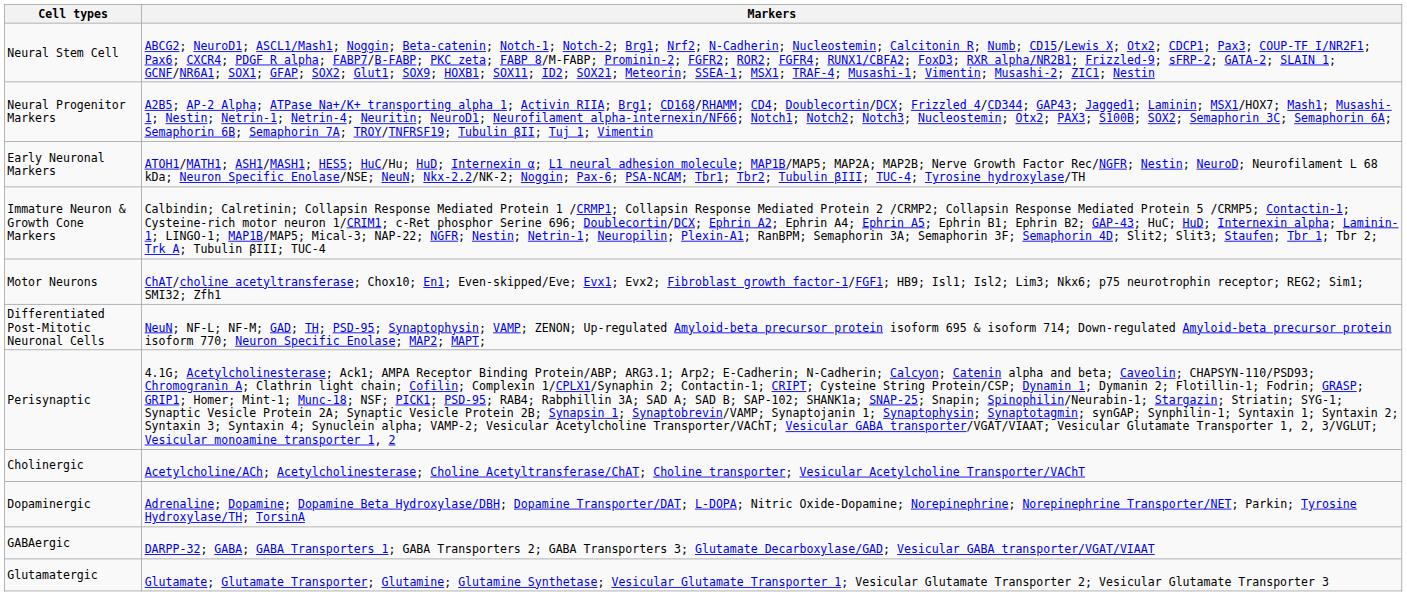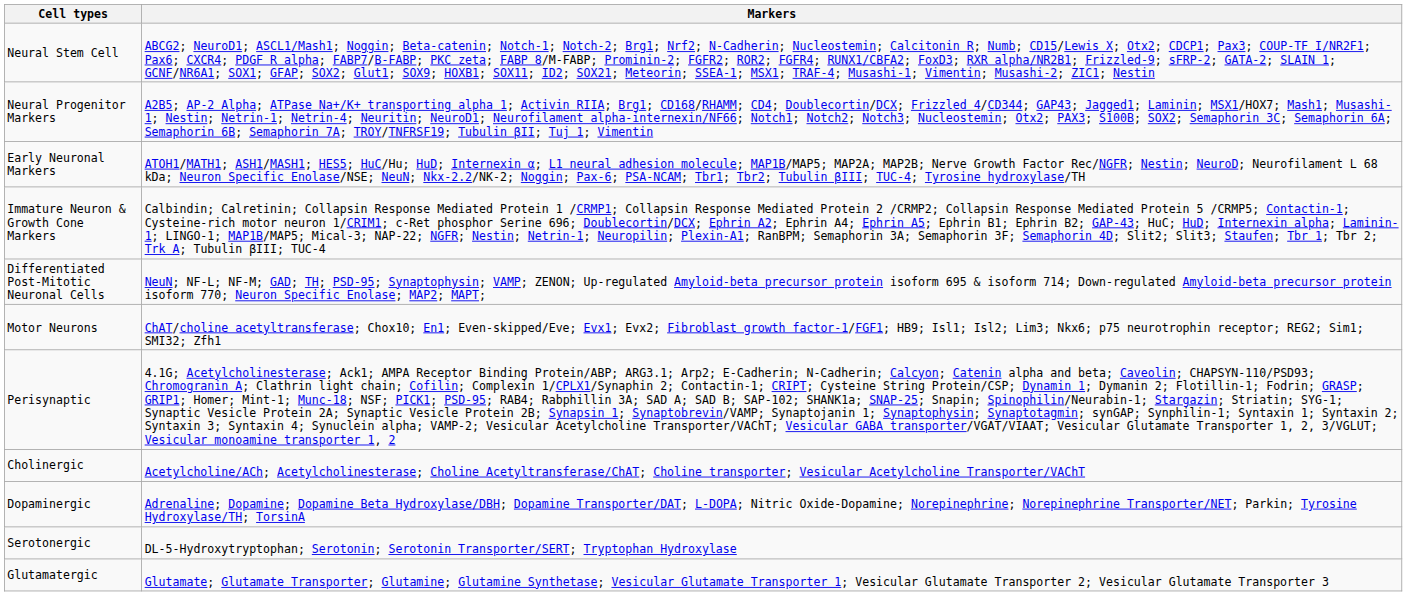 <table class="wikitable">
 <tr>
 <th>Cell types</th>
 <th>Markers</th>
 </tr>
 <tr>
 <td>Neural Stem Cell</td>
 <td><br><a href='#'>ABCG2</a>; <a href='#'>NeuroD1</a>; <a href='#'>ASCL1/Mash1</a>; <a href='#'>Noggin</a>; <a href='#'>Beta-catenin</a>; <a href='#'>Notch-1</a>; <a href='#'>Notch-2</a>; <a href='#'>Brg1</a>; <a href='#'>Nrf2</a>; <a href='#'>N-Cadherin</a>; <a href='#'>Nucleostemin</a>; <a href='#'>Calcitonin R</a>; <a href='#'>Numb</a>; <a href='#'>CD15</a>/<a href='#'>Lewis X</a>; <a href='#'>Otx2</a>; <a href='#'>CDCP1</a>; <a href='#'>Pax3</a>; <a href='#'>COUP-TF I/NR2F1</a>; <a href='#'>Pax6</a>; <a href='#'>CXCR4</a>; <a href='#'>PDGF R alpha</a>; <a href='#'>FABP7</a>/<a href='#'>B-FABP</a>; <a href='#'>PKC zeta</a>; <a href='#'>FABP 8</a>/M-FABP; <a href='#'>Prominin-2</a>; <a href='#'>FGFR2</a>; <a href='#'>ROR2</a>; <a href='#'>FGFR4</a>; <a href='#'>RUNX1/CBFA2</a>; <a href='#'>FoxD3</a>; <a href='#'>RXR alpha/NR2B1</a>; <a href='#'>Frizzled-9</a>; <a href='#'>sFRP-2</a>; <a href='#'>GATA-2</a>; <a href='#'>SLAIN 1</a>; <a href='#'>GCNF</a>/<a href='#'>NR6A1</a>; <a href='#'>SOX1</a>; <a href='#'>GFAP</a>; <a href='#'>SOX2</a>; <a href='#'>Glut1</a>; <a href='#'>SOX9</a>; <a href='#'>HOXB1</a>; <a href='#'>SOX11</a>; <a href='#'>ID2</a>; <a href='#'>SOX21</a>; <a href='#'>Meteorin</a>; <a href='#'>SSEA-1</a>; <a href='#'>MSX1</a>; <a href='#'>TRAF-4</a>; <a href='#'>Musashi-1</a>; <a href='#'>Vimentin</a>; <a href='#'>Musashi-2</a>; <a href='#'>ZIC1</a>; <a href='#'>Nestin</a></td>
 </tr>
 <tr>
 <td>Neural Progenitor Markers</td>
 <td><br><a href='#'>A2B5</a>; <a href='#'>AP-2 Alpha</a>; <a href='#'>ATPase Na+/K+ transporting alpha 1</a>; <a href='#'>Activin RIIA</a>; <a href='#'>Brg1</a>; <a href='#'>CD168</a>/<a href='#'>RHAMM</a>; <a href='#'>CD4</a>; <a href='#'>Doublecortin</a>/<a href='#'>DCX</a>; <a href='#'>Frizzled 4</a>/<a href='#'>CD344</a>; <a href='#'>GAP43</a>; <a href='#'>Jagged1</a>; <a href='#'>Laminin</a>; <a href='#'>MSX1</a>/HOX7; <a href='#'>Mash1</a>; <a href='#'>Musashi-1</a>; <a href='#'>Nestin</a>; <a href='#'>Netrin-1</a>; <a href='#'>Netrin-4</a>; <a href='#'>Neuritin</a>; <a href='#'>NeuroD1</a>; <a href='#'>Neurofilament alpha-internexin/NF66</a>; <a href='#'>Notch1</a>; <a href='#'>Notch2</a>; <a href='#'>Notch3</a>; <a href='#'>Nucleostemin</a>; <a href='#'>Otx2</a>; <a href='#'>PAX3</a>; <a href='#'>S100B</a>; <a href='#'>SOX2</a>; <a href='#'>Semaphorin 3C</a>; <a href='#'>Semaphorin 6A</a>; <a href='#'>Semaphorin 6B</a>; <a href='#'>Semaphorin 7A</a>; <a href='#'>TROY</a>/<a href='#'>TNFRSF19</a>; <a href='#'>Tubulin βII</a>; <a href='#'>Tuj 1</a>; <a href='#'>Vimentin</a></td>
 </tr>
 <tr>
 <td>Early Neuronal Markers</td>
 <td><br><a href='#'>ATOH1</a>/<a href='#'>MATH1</a>; <a href='#'>ASH1</a>/<a href='#'>MASH1</a>; <a href='#'>HES5</a>; <a href='#'>HuC</a>/Hu; <a href='#'>HuD</a>; <a href='#'>Internexin α</a>; <a href='#'>L1 neural adhesion molecule</a>; <a href='#'>MAP1B</a>/MAP5; MAP2A; MAP2B; Nerve Growth Factor Rec/<a href='#'>NGFR</a>; <a href='#'>Nestin</a>; <a href='#'>NeuroD</a>; Neurofilament L 68 kDa; <a href='#'>Neuron Specific Enolase</a>/NSE; <a href='#'>NeuN</a>; <a href='#'>Nkx-2.2</a>/NK-2; <a href='#'>Noggin</a>; <a href='#'>Pax-6</a>; <a href='#'>PSA-NCAM</a>; <a href='#'>Tbr1</a>; <a href='#'>Tbr2</a>; <a href='#'>Tubulin βIII</a>; <a href='#'>TUC-4</a>; <a href='#'>Tyrosine hydroxylase</a>/TH</td>
 </tr>
 <tr>
 <td>Immature Neuron & Growth Cone Markers</td>
 <td><br>Calbindin; Calretinin; Collapsin Response Mediated Protein 1 /<a href='#'>CRMP1</a>; Collapsin Response Mediated Protein 2 /CRMP2; Collapsin Response Mediated Protein 5 /CRMP5; <a href='#'>Contactin-1</a>; Cysteine-rich motor neuron 1/<a href='#'>CRIM1</a>; c-Ret phosphor Serine 696; <a href='#'>Doublecortin</a>/<a href='#'>DCX</a>; <a href='#'>Ephrin A2</a>; Ephrin A4; <a href='#'>Ephrin A5</a>; Ephrin B1; Ephrin B2; <a href='#'>GAP-43</a>; HuC; <a href='#'>HuD</a>; <a href='#'>Internexin alpha</a>; <a href='#'>Laminin-1</a>; LINGO-1; <a href='#'>MAP1B</a>/MAP5; Mical-3; NAP-22; <a href='#'>NGFR</a>; <a href='#'>Nestin</a>; <a href='#'>Netrin-1</a>; <a href='#'>Neuropilin</a>; <a href='#'>Plexin-A1</a>; RanBPM; Semaphorin 3A; Semaphorin 3F; <a href='#'>Semaphorin 4D</a>; Slit2; Slit3; <a href='#'>Staufen</a>; <a href='#'>Tbr 1</a>; Tbr 2; <a href='#'>Trk A</a>; Tubulin βIII; TUC-4</td>
 </tr>
 <tr>
+<td>Differentiated Post-Mitotic Neuronal Cells</td>
+<td><br><a href='#'>NeuN</a>; NF-L; NF-M; <a href='#'>GAD</a>; <a href='#'>TH</a>; <a href='#'>PSD-95</a>; <a href='#'>Synaptophysin</a>; <a href='#'>VAMP</a>; ZENON; Up-regulated <a href='#'>Amyloid-beta precursor protein</a> isoform 695 & isoform 714; Down-regulated <a href='#'>Amyloid-beta precursor protein</a> isoform 770; <a href='#'>Neuron Specific Enolase</a>; <a href='#'>MAP2</a>; <a href='#'>MAPT</a>;</td>
+</tr>
+<tr>
 <td>Motor Neurons</td>
 <td><br><a href='#'>ChAT</a>/<a href='#'>choline acetyltransferase</a>; Chox10; <a href='#'>En1</a>; Even-skipped/Eve; <a href='#'>Evx1</a>; Evx2; <a href='#'>Fibroblast growth factor-1</a>/<a href='#'>FGF1</a>; HB9; Isl1; Isl2; Lim3; Nkx6; p75 neurotrophin receptor; REG2; Sim1; SMI32; Zfh1</td>
-</tr>
-<tr>
-<td>Differentiated Post-Mitotic Neuronal Cells</td>
-<td><br><a href='#'>NeuN</a>; NF-L; NF-M; <a href='#'>GAD</a>; <a href='#'>TH</a>; <a href='#'>PSD-95</a>; <a href='#'>Synaptophysin</a>; <a href='#'>VAMP</a>; ZENON; Up-regulated <a href='#'>Amyloid-beta precursor protein</a> isoform 695 & isoform 714; Down-regulated <a href='#'>Amyloid-beta precursor protein</a> isoform 770; <a href='#'>Neuron Specific Enolase</a>; <a href='#'>MAP2</a>; <a href='#'>MAPT</a>;</td>
 </tr>
 <tr>
 <td>Perisynaptic</td>
 <td><br>4.1G; <a href='#'>Acetylcholinesterase</a>; Ack1; AMPA Receptor Binding Protein/ABP; ARG3.1; Arp2; E-Cadherin; N-Cadherin; <a href='#'>Calcyon</a>; <a href='#'>Catenin</a> alpha and beta; <a href='#'>Caveolin</a>; CHAPSYN-110/PSD93; <a href='#'>Chromogranin A</a>; Clathrin light chain; <a href='#'>Cofilin</a>; Complexin 1/<a href='#'>CPLX1</a>/Synaphin 2; Contactin-1; <a href='#'>CRIPT</a>; Cysteine String Protein/CSP; <a href='#'>Dynamin 1</a>; Dymanin 2; Flotillin-1; Fodrin; <a href='#'>GRASP</a>; <a href='#'>GRIP1</a>; Homer; Mint-1; <a href='#'>Munc-18</a>; NSF; <a href='#'>PICK1</a>; <a href='#'>PSD-95</a>; RAB4; Rabphillin 3A; SAD A; SAD B; SAP-102; SHANK1a; <a href='#'>SNAP-25</a>; Snapin; <a href='#'>Spinophilin</a>/Neurabin-1; <a href='#'>Stargazin</a>; Striatin; SYG-1; Synaptic Vesicle Protein 2A; Synaptic Vesicle Protein 2B; <a href='#'>Synapsin 1</a>; <a href='#'>Synaptobrevin</a>/VAMP; Synaptojanin 1; <a href='#'>Synaptophysin</a>; <a href='#'>Synaptotagmin</a>; synGAP; Synphilin-1; Syntaxin 1; Syntaxin 2; Syntaxin 3; Syntaxin 4; Synuclein alpha; VAMP-2; Vesicular Acetylcholine Transporter/VAChT; <a href='#'>Vesicular GABA transporter</a>/VGAT/VIAAT; Vesicular Glutamate Transporter 1, 2, 3/VGLUT; <a href='#'>Vesicular monoamine transporter 1</a>, <a href='#'>2</a></td>
 </tr>
 <tr>
 <td>Cholinergic</td>
 <td><br><a href='#'>Acetylcholine/ACh</a>; <a href='#'>Acetylcholinesterase</a>; <a href='#'>Choline Acetyltransferase/ChAT</a>; <a href='#'>Choline transporter</a>; <a href='#'>Vesicular Acetylcholine Transporter/VAChT</a></td>
 </tr>
 <tr>
 <td>Dopaminergic</td>
 <td><br><a href='#'>Adrenaline</a>; <a href='#'>Dopamine</a>; <a href='#'>Dopamine Beta Hydroxylase/DBH</a>; <a href='#'>Dopamine Transporter/DAT</a>; <a href='#'>L-DOPA</a>; Nitric Oxide-Dopamine; <a href='#'>Norepinephrine</a>; <a href='#'>Norepinephrine Transporter/NET</a>; Parkin; <a href='#'>Tyrosine Hydroxylase/TH</a>; <a href='#'>TorsinA</a></td>
 </tr>
 <tr>
-<td>GABAergic</td>
-<td><br><a href='#'>DARPP-32</a>; <a href='#'>GABA</a>; <a href='#'>GABA Transporters 1</a>; GABA Transporters 2; GABA Transporters 3; <a href='#'>Glutamate Decarboxylase/GAD</a>; <a href='#'>Vesicular GABA transporter/VGAT/VIAAT</a></td>
+<td>Serotonergic</td>
+<td><br>DL-5-Hydroxytryptophan; <a href='#'>Serotonin</a>; <a href='#'>Serotonin Transporter/SERT</a>; <a href='#'>Tryptophan Hydroxylase</a></td>
 </tr>
 <tr>
 <td>Glutamatergic</td>
 <td><br><a href='#'>Glutamate</a>; <a href='#'>Glutamate Transporter</a>; <a href='#'>Glutamine</a>; <a href='#'>Glutamine Synthetase</a>; <a href='#'>Vesicular Glutamate Transporter 1</a>; Vesicular Glutamate Transporter 2; Vesicular Glutamate Transporter 3</td>
 </tr>
 </table>
